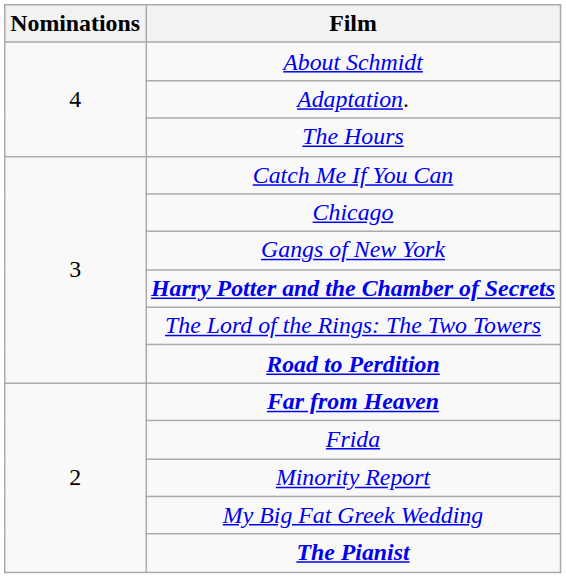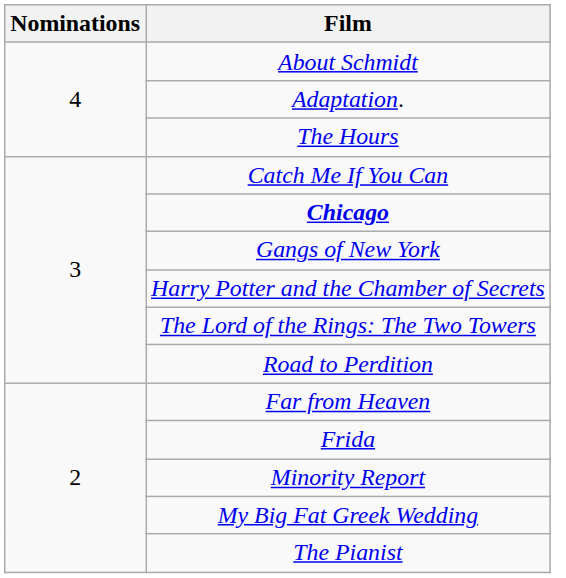 <table class="wikitable" rowspan="2" style="text-align:center;" background: #f6e39c;>
 <tr>
 <th scope="col" style="width:55px;">Nominations</th>
 <th scope="col" style="text-align:center;">Film</th>
 </tr>
 <tr>
 <td rowspan="3">4</td>
 <td><em><a href='#'>About Schmidt</a></em></td>
 </tr>
 <tr>
 <td><em><a href='#'>Adaptation</a></em>.</td>
 </tr>
 <tr>
 <td><em><a href='#'>The Hours</a></em></td>
 </tr>
 <tr>
 <td rowspan="6">3</td>
 <td><em><a href='#'>Catch Me If You Can</a></em></td>
 </tr>
 <tr>
-<td><em><a href='#'>Chicago</a></em></td>
+<td><strong><em><a href='#'>Chicago</a></em></strong></td>
 </tr>
 <tr>
 <td><em><a href='#'>Gangs of New York</a></em></td>
 </tr>
 <tr>
-<td><strong><em><a href='#'>Harry Potter and the Chamber of Secrets</a></em></strong></td>
+<td><em><a href='#'>Harry Potter and the Chamber of Secrets</a></em></td>
 </tr>
 <tr>
 <td><em><a href='#'>The Lord of the Rings: The Two Towers</a></em></td>
 </tr>
 <tr>
-<td><strong><em><a href='#'>Road to Perdition</a></em></strong></td>
+<td><em><a href='#'>Road to Perdition</a></em></td>
 </tr>
 <tr>
 <td rowspan="5">2</td>
-<td><strong><em><a href='#'>Far from Heaven</a></em></strong></td>
+<td><em><a href='#'>Far from Heaven</a></em></td>
 </tr>
 <tr>
 <td><em><a href='#'>Frida</a></em></td>
 </tr>
 <tr>
 <td><em><a href='#'>Minority Report</a></em></td>
 </tr>
 <tr>
 <td><em><a href='#'>My Big Fat Greek Wedding</a></em></td>
 </tr>
 <tr>
-<td><strong><em><a href='#'>The Pianist</a></em></strong></td>
+<td><em><a href='#'>The Pianist</a></em></td>
 </tr>
 </table>
